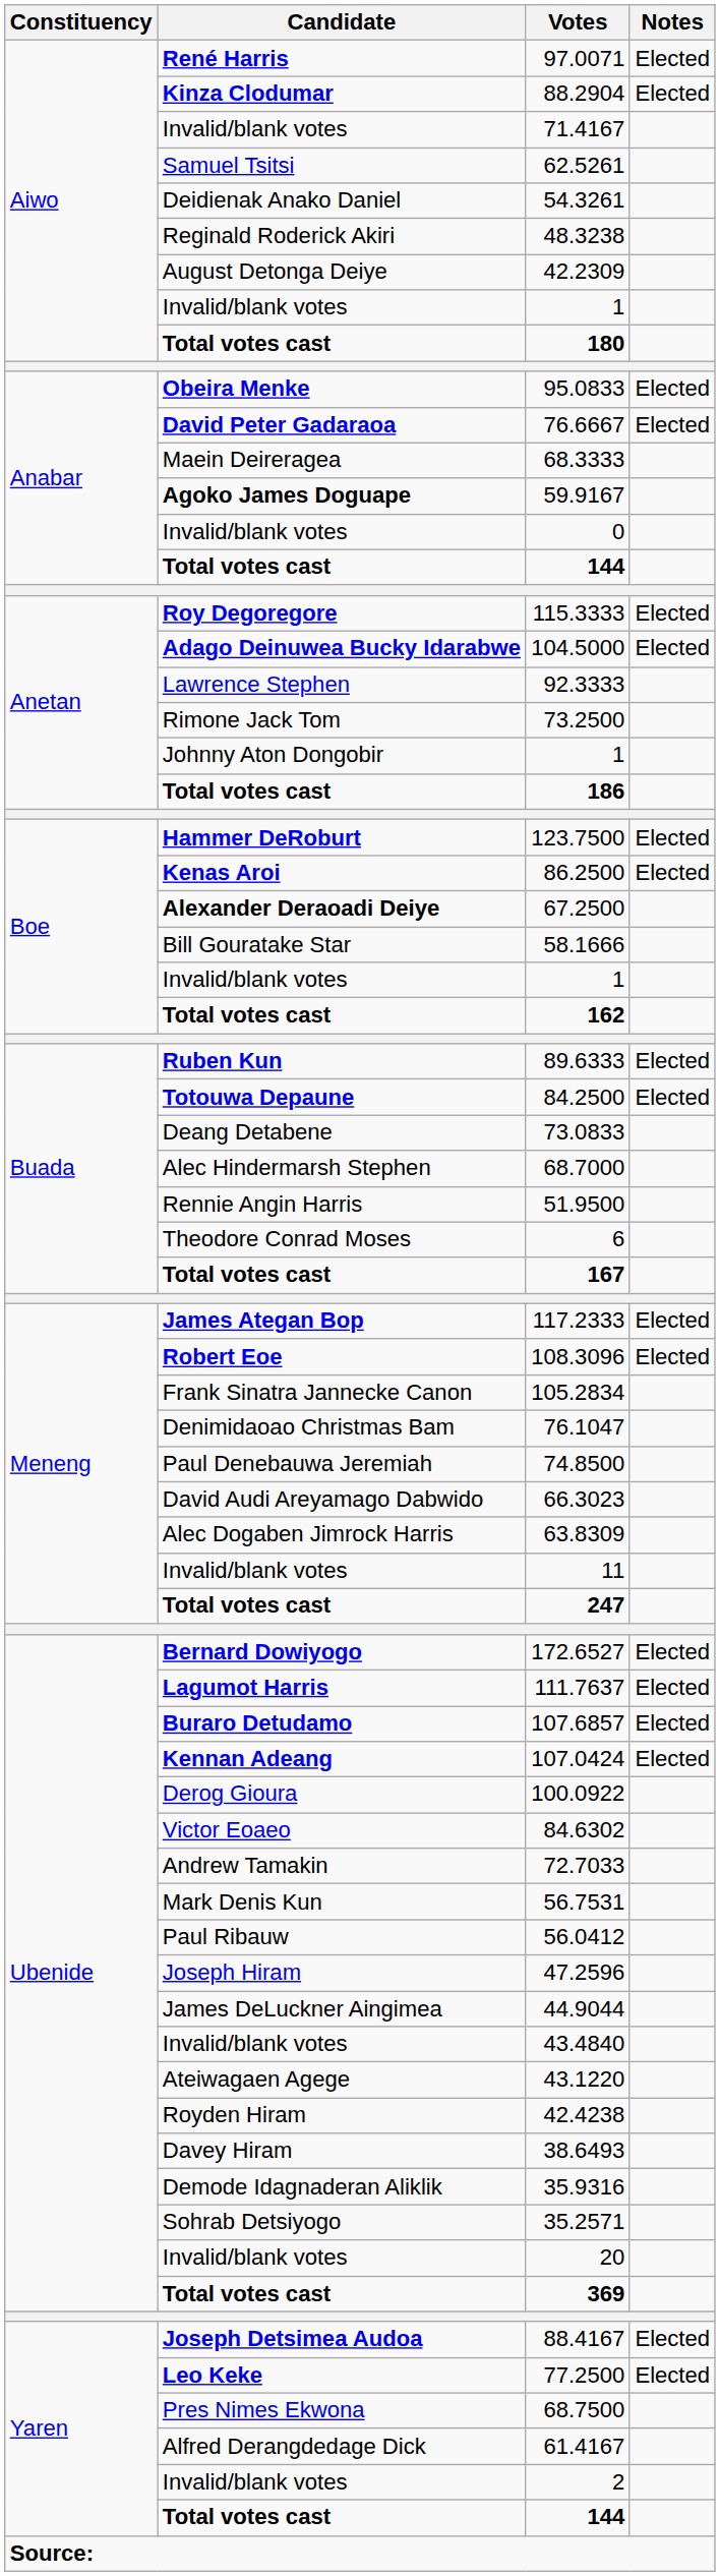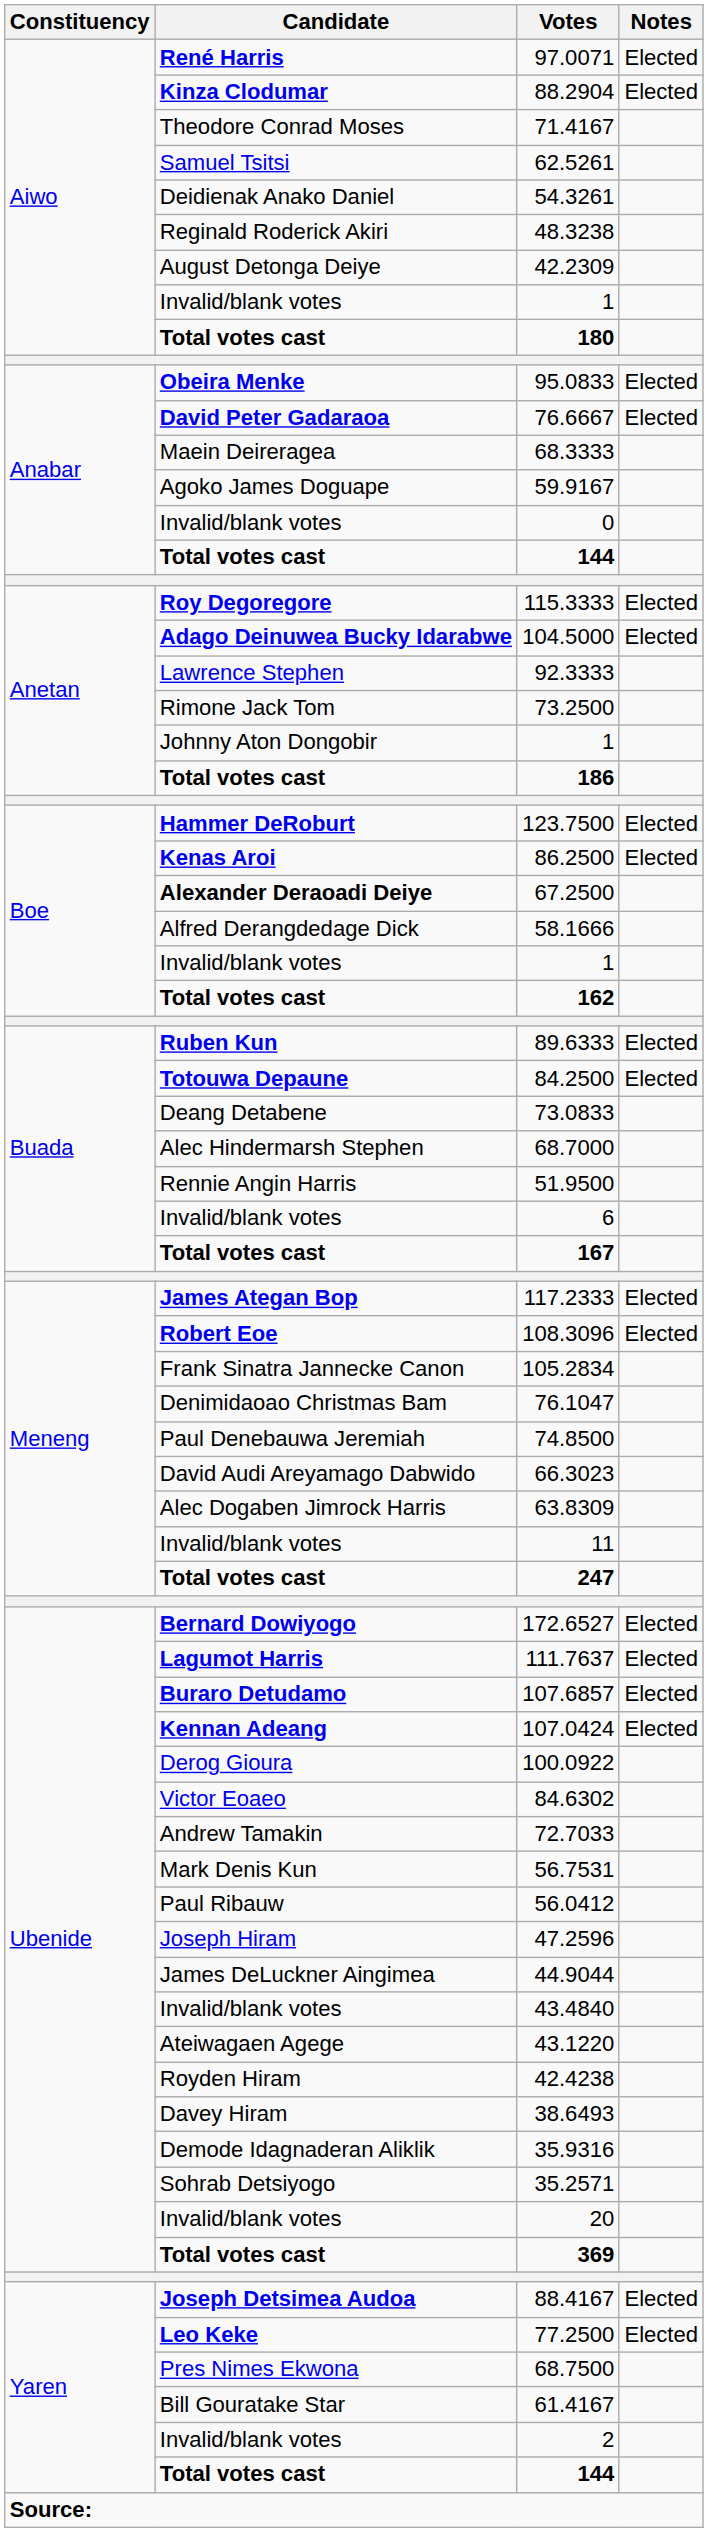 <table class=wikitable style=text-align:left>
 <tr>
 <th>Constituency</th>
 <th>Candidate</th>
 <th>Votes</th>
 <th>Notes</th>
 </tr>
 <tr>
 <td rowspan=9><a href='#'>Aiwo</a></td>
 <td><strong><a href='#'>René Harris</a></strong></td>
 <td align=right>97.0071</td>
 <td>Elected</td>
 </tr>
 <tr>
 <td><strong><a href='#'>Kinza Clodumar</a></strong></td>
 <td align=right>88.2904</td>
 <td>Elected</td>
 </tr>
 <tr>
-<td>Invalid/blank votes</td>
+<td>Theodore Conrad Moses</td>
 <td align=right>71.4167</td>
 <td></td>
 </tr>
 <tr>
 <td><a href='#'>Samuel Tsitsi</a></td>
 <td align=right>62.5261</td>
 <td></td>
 </tr>
 <tr>
 <td>Deidienak Anako Daniel</td>
 <td align=right>54.3261</td>
 <td></td>
 </tr>
 <tr>
 <td>Reginald Roderick Akiri</td>
 <td align=right>48.3238</td>
 <td></td>
 </tr>
 <tr>
 <td>August Detonga Deiye</td>
 <td align=right>42.2309</td>
 <td></td>
 </tr>
 <tr>
 <td>Invalid/blank votes</td>
 <td align=right>1</td>
 <td></td>
 </tr>
 <tr>
 <td><strong>Total votes cast</strong></td>
 <td align=right><strong>180</strong></td>
 <td></td>
 </tr>
 <tr>
 <th colspan=4></th>
 </tr>
 <tr>
 <td rowspan=6><a href='#'>Anabar</a></td>
 <td><strong><a href='#'>Obeira Menke</a></strong></td>
 <td align=right>95.0833</td>
 <td>Elected</td>
 </tr>
 <tr>
 <td><strong><a href='#'>David Peter Gadaraoa</a></strong></td>
 <td align=right>76.6667</td>
 <td>Elected</td>
 </tr>
 <tr>
 <td>Maein Deireragea</td>
 <td align=right>68.3333</td>
 <td></td>
 </tr>
 <tr>
-<td><strong>Agoko James Doguape</strong></td>
+<td>Agoko James Doguape</td>
 <td align=right>59.9167</td>
 <td></td>
 </tr>
 <tr>
 <td>Invalid/blank votes</td>
 <td align=right>0</td>
 <td></td>
 </tr>
 <tr>
 <td><strong>Total votes cast</strong></td>
 <td align=right><strong>144</strong></td>
 <td></td>
 </tr>
 <tr>
 <th colspan=4></th>
 </tr>
 <tr>
 <td rowspan=6><a href='#'>Anetan</a></td>
 <td><strong><a href='#'>Roy Degoregore</a></strong></td>
 <td align=right>115.3333</td>
 <td>Elected</td>
 </tr>
 <tr>
 <td><strong><a href='#'>Adago Deinuwea Bucky Idarabwe</a></strong></td>
 <td align=right>104.5000</td>
 <td>Elected</td>
 </tr>
 <tr>
 <td><a href='#'>Lawrence Stephen</a></td>
 <td align=right>92.3333</td>
 <td></td>
 </tr>
 <tr>
 <td>Rimone Jack Tom</td>
 <td align=right>73.2500</td>
 <td></td>
 </tr>
 <tr>
 <td>Johnny Aton Dongobir</td>
 <td align=right>1</td>
 <td></td>
 </tr>
 <tr>
 <td><strong>Total votes cast</strong></td>
 <td align=right><strong>186</strong></td>
 <td></td>
 </tr>
 <tr>
 <th colspan=4></th>
 </tr>
 <tr>
 <td rowspan=6><a href='#'>Boe</a></td>
 <td><strong><a href='#'>Hammer DeRoburt</a></strong></td>
 <td align=right>123.7500</td>
 <td>Elected</td>
 </tr>
 <tr>
 <td><strong><a href='#'>Kenas Aroi</a></strong></td>
 <td align=right>86.2500</td>
 <td>Elected</td>
 </tr>
 <tr>
 <td><strong>Alexander Deraoadi Deiye</strong></td>
 <td align=right>67.2500</td>
 <td></td>
 </tr>
 <tr>
-<td>Bill Gouratake Star</td>
+<td>Alfred Derangdedage Dick</td>
 <td align=right>58.1666</td>
 <td></td>
 </tr>
 <tr>
 <td>Invalid/blank votes</td>
 <td align=right>1</td>
 <td></td>
 </tr>
 <tr>
 <td><strong>Total votes cast</strong></td>
 <td align=right><strong>162</strong></td>
 <td></td>
 </tr>
 <tr>
 <th colspan=4></th>
 </tr>
 <tr>
 <td rowspan=7><a href='#'>Buada</a></td>
 <td><strong><a href='#'>Ruben Kun</a></strong></td>
 <td align=right>89.6333</td>
 <td>Elected</td>
 </tr>
 <tr>
 <td><strong><a href='#'>Totouwa Depaune</a></strong></td>
 <td align=right>84.2500</td>
 <td>Elected</td>
 </tr>
 <tr>
 <td>Deang Detabene</td>
 <td align=right>73.0833</td>
 <td></td>
 </tr>
 <tr>
 <td>Alec Hindermarsh Stephen</td>
 <td align=right>68.7000</td>
 <td></td>
 </tr>
 <tr>
 <td>Rennie Angin Harris</td>
 <td align=right>51.9500</td>
 <td></td>
 </tr>
 <tr>
-<td>Theodore Conrad Moses</td>
+<td>Invalid/blank votes</td>
 <td align=right>6</td>
 <td></td>
 </tr>
 <tr>
 <td><strong>Total votes cast</strong></td>
 <td align=right><strong>167</strong></td>
 <td></td>
 </tr>
 <tr>
 <th colspan=4></th>
 </tr>
 <tr>
 <td rowspan=9><a href='#'>Meneng</a></td>
 <td><strong><a href='#'>James Ategan Bop</a></strong></td>
 <td align=right>117.2333</td>
 <td>Elected</td>
 </tr>
 <tr>
 <td><strong><a href='#'>Robert Eoe</a></strong></td>
 <td align=right>108.3096</td>
 <td>Elected</td>
 </tr>
 <tr>
 <td>Frank Sinatra Jannecke Canon</td>
 <td align=right>105.2834</td>
 <td></td>
 </tr>
 <tr>
 <td>Denimidaoao Christmas Bam</td>
 <td align=right>76.1047</td>
 <td></td>
 </tr>
 <tr>
 <td>Paul Denebauwa Jeremiah</td>
 <td align=right>74.8500</td>
 <td></td>
 </tr>
 <tr>
 <td>David Audi Areyamago Dabwido</td>
 <td align=right>66.3023</td>
 <td></td>
 </tr>
 <tr>
 <td>Alec Dogaben Jimrock Harris</td>
 <td align=right>63.8309</td>
 <td></td>
 </tr>
 <tr>
 <td>Invalid/blank votes</td>
 <td align=right>11</td>
 <td></td>
 </tr>
 <tr>
 <td><strong>Total votes cast</strong></td>
 <td align=right><strong>247</strong></td>
 <td></td>
 </tr>
 <tr>
 <th colspan=4></th>
 </tr>
 <tr>
 <td rowspan=19><a href='#'>Ubenide</a></td>
 <td><strong><a href='#'>Bernard Dowiyogo</a></strong></td>
 <td align=right>172.6527</td>
 <td>Elected</td>
 </tr>
 <tr>
 <td><strong><a href='#'>Lagumot Harris</a></strong></td>
 <td align=right>111.7637</td>
 <td>Elected</td>
 </tr>
 <tr>
 <td><strong><a href='#'>Buraro Detudamo</a></strong></td>
 <td align=right>107.6857</td>
 <td>Elected</td>
 </tr>
 <tr>
 <td><strong><a href='#'>Kennan Adeang</a></strong></td>
 <td align=right>107.0424</td>
 <td>Elected</td>
 </tr>
 <tr>
 <td><a href='#'>Derog Gioura</a></td>
 <td align=right>100.0922</td>
 <td></td>
 </tr>
 <tr>
 <td><a href='#'>Victor Eoaeo</a></td>
 <td align=right>84.6302</td>
 <td></td>
 </tr>
 <tr>
 <td>Andrew Tamakin</td>
 <td align=right>72.7033</td>
 <td></td>
 </tr>
 <tr>
 <td>Mark Denis Kun</td>
 <td align=right>56.7531</td>
 <td></td>
 </tr>
 <tr>
 <td>Paul Ribauw</td>
 <td align=right>56.0412</td>
 <td></td>
 </tr>
 <tr>
 <td><a href='#'>Joseph Hiram</a></td>
 <td align=right>47.2596</td>
 <td></td>
 </tr>
 <tr>
 <td>James DeLuckner Aingimea</td>
 <td align=right>44.9044</td>
 <td></td>
 </tr>
 <tr>
 <td>Invalid/blank votes</td>
 <td align=right>43.4840</td>
 <td></td>
 </tr>
 <tr>
 <td>Ateiwagaen Agege</td>
 <td align=right>43.1220</td>
 <td></td>
 </tr>
 <tr>
 <td>Royden Hiram</td>
 <td align=right>42.4238</td>
 <td></td>
 </tr>
 <tr>
 <td>Davey Hiram</td>
 <td align=right>38.6493</td>
 <td></td>
 </tr>
 <tr>
 <td>Demode Idagnaderan Aliklik</td>
 <td align=right>35.9316</td>
 <td></td>
 </tr>
 <tr>
 <td>Sohrab Detsiyogo</td>
 <td align=right>35.2571</td>
 <td></td>
 </tr>
 <tr>
 <td>Invalid/blank votes</td>
 <td align=right>20</td>
 <td></td>
 </tr>
 <tr>
 <td><strong>Total votes cast</strong></td>
 <td align=right><strong>369</strong></td>
 <td></td>
 </tr>
 <tr>
 <th colspan=4></th>
 </tr>
 <tr>
 <td rowspan=6><a href='#'>Yaren</a></td>
 <td><strong><a href='#'>Joseph Detsimea Audoa</a></strong></td>
 <td align=right>88.4167</td>
 <td>Elected</td>
 </tr>
 <tr>
 <td><strong><a href='#'>Leo Keke</a></strong></td>
 <td align=right>77.2500</td>
 <td>Elected</td>
 </tr>
 <tr>
 <td><a href='#'>Pres Nimes Ekwona</a></td>
 <td align=right>68.7500</td>
 <td></td>
 </tr>
 <tr>
-<td>Alfred Derangdedage Dick</td>
+<td>Bill Gouratake Star</td>
 <td align=right>61.4167</td>
 <td></td>
 </tr>
 <tr>
 <td>Invalid/blank votes</td>
 <td align=right>2</td>
 <td></td>
 </tr>
 <tr>
 <td><strong>Total votes cast</strong></td>
 <td align=right><strong>144</strong></td>
 <td></td>
 </tr>
 <tr>
 <td align=left colspan=4><strong>Source:</strong> </td>
 </tr>
 </table>
